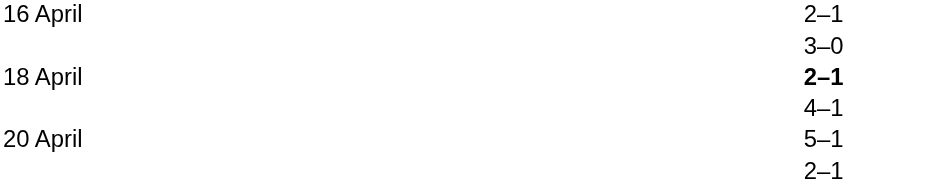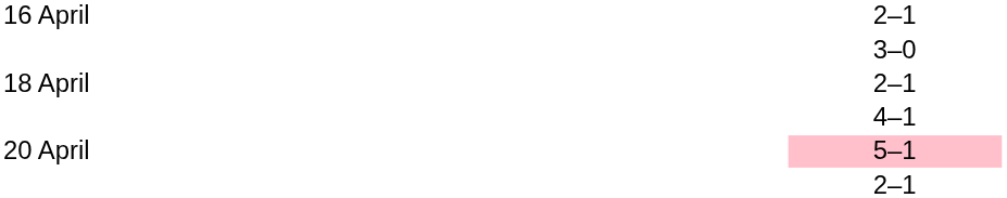 <table cellspacing=1 width=70%>
 <tr>
 <th width=25%></th>
 <th width=30%></th>
 <th width=15%></th>
 <th width=30%></th>
 </tr>
 <tr>
 <td>16 April</td>
 <td align=right></td>
 <td align=center>2–1</td>
 <td></td>
 </tr>
 <tr>
 <td></td>
 <td align=right></td>
 <td align=center>3–0</td>
 <td></td>
 </tr>
 <tr>
 <td>18 April</td>
 <td align=right></td>
-<td align=center><strong>2–1</strong></td>
+<td align=center>2–1</td>
 <td></td>
 </tr>
 <tr>
 <td></td>
 <td align=right></td>
 <td align=center>4–1</td>
 <td></td>
 </tr>
 <tr>
 <td>20 April</td>
 <td align=right></td>
-<td align=center>5–1</td>
+<td align=center style="background: pink;">5–1</td>
 <td></td>
 </tr>
 <tr>
 <td></td>
 <td align=right></td>
 <td align=center>2–1</td>
 <td></td>
 </tr>
 </table>
